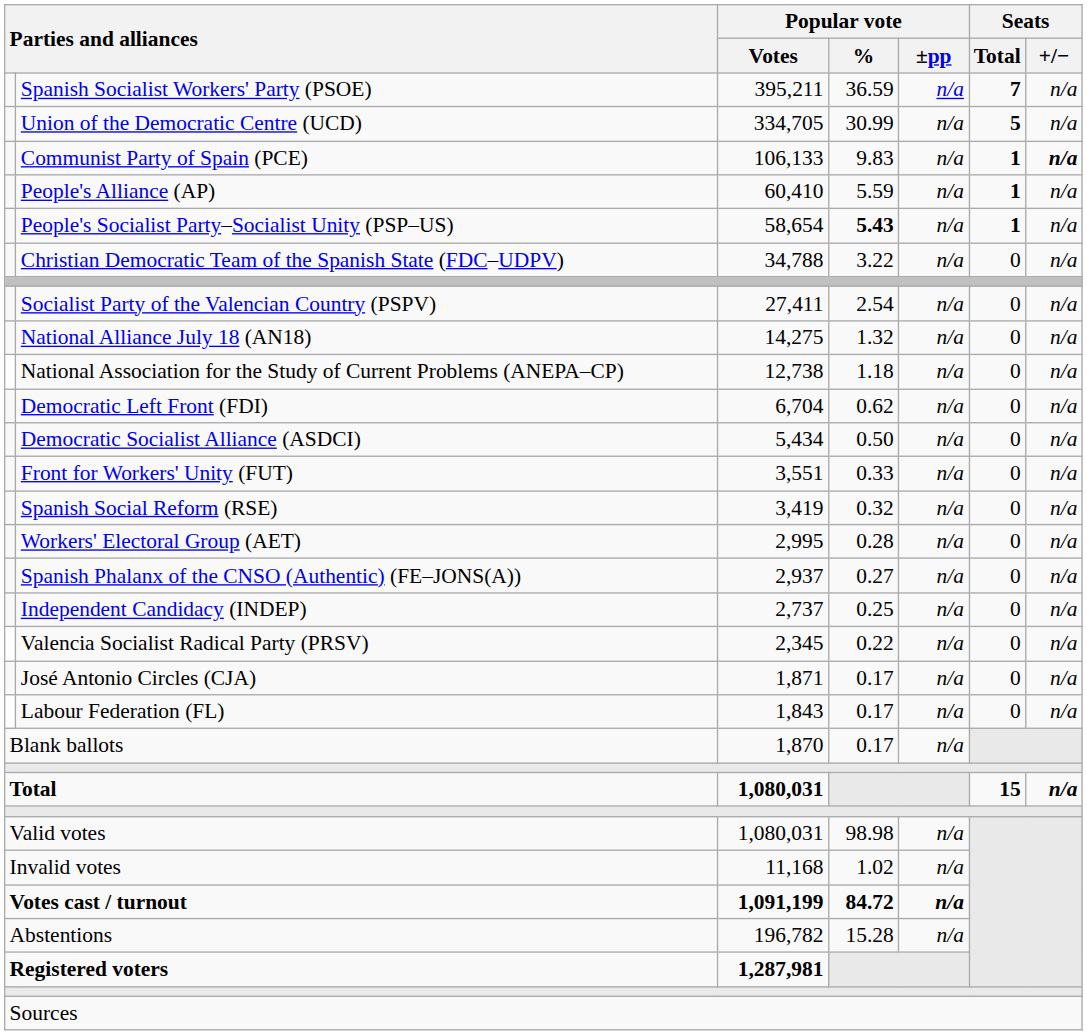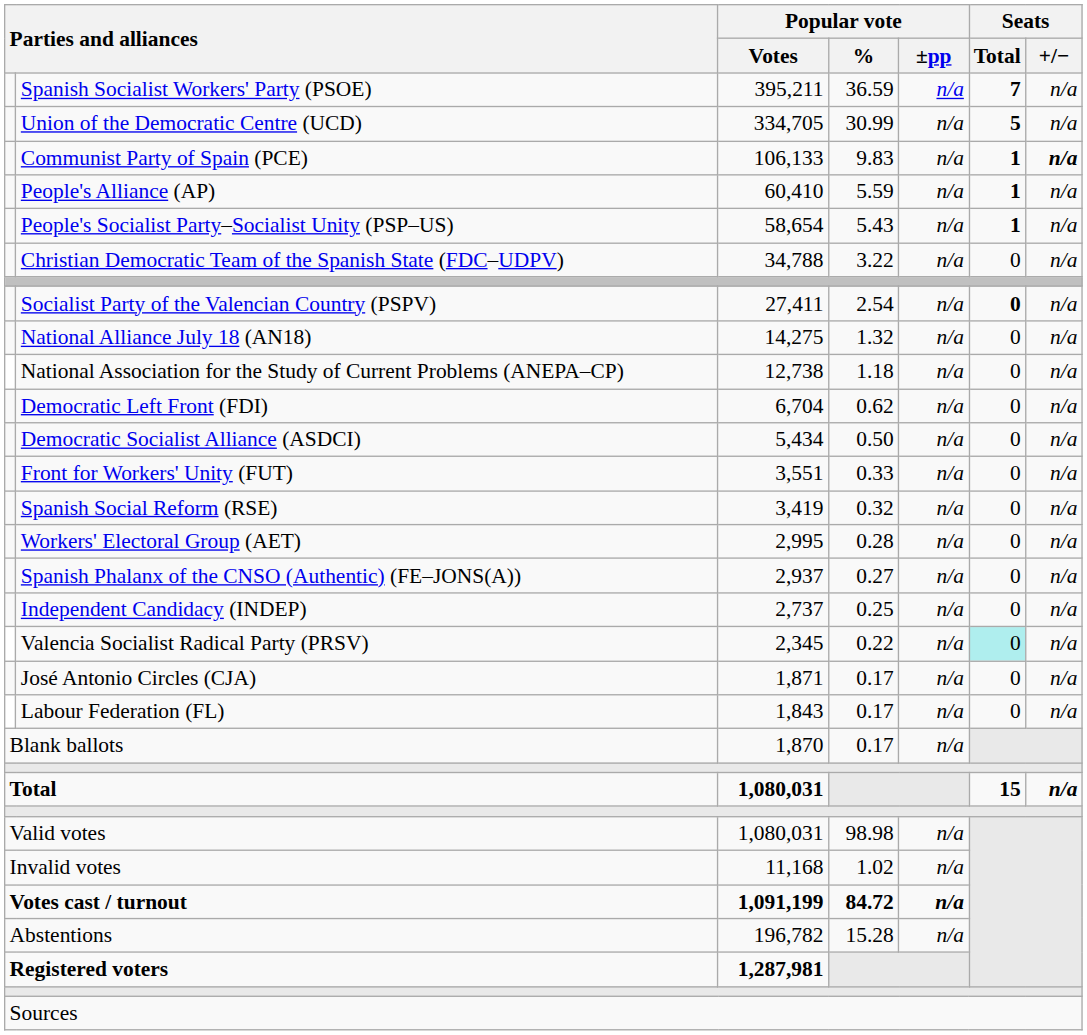 <table class="wikitable" style="text-align:right;">
 <tr>
 <th style="text-align:left;" rowspan="2" colspan="2" width="525">Parties and alliances</th>
 <th colspan="3">Popular vote</th>
 <th colspan="2">Seats</th>
 </tr>
 <tr>
 <th width="75">Votes</th>
 <th width="45">%</th>
 <th width="45">±<a href='#'>pp</a></th>
 <th width="35">Total</th>
 <th width="35">+/−</th>
 </tr>
 <tr>
 <td width="1" style="color:inherit;background:"></td>
 <td align="left"><a href='#'>Spanish Socialist Workers' Party</a> (PSOE)</td>
 <td>395,211</td>
 <td>36.59</td>
 <td><em><a href='#'>n/a</a></em></td>
 <td><strong>7</strong></td>
 <td><em>n/a</em></td>
 </tr>
 <tr>
 <td style="color:inherit;background:"></td>
 <td align="left"><a href='#'>Union of the Democratic Centre</a> (UCD)</td>
 <td>334,705</td>
 <td>30.99</td>
 <td><em>n/a</em></td>
 <td><strong>5</strong></td>
 <td><em>n/a</em></td>
 </tr>
 <tr>
 <td style="color:inherit;background:"></td>
 <td align="left"><a href='#'>Communist Party of Spain</a> (PCE)</td>
 <td>106,133</td>
 <td>9.83</td>
 <td><em>n/a</em></td>
 <td><strong>1</strong></td>
 <td><strong><em>n/a</em></strong></td>
 </tr>
 <tr>
 <td style="color:inherit;background:"></td>
 <td align="left"><a href='#'>People's Alliance</a> (AP)</td>
 <td>60,410</td>
 <td>5.59</td>
 <td><em>n/a</em></td>
 <td><strong>1</strong></td>
 <td><em>n/a</em></td>
 </tr>
 <tr>
 <td style="color:inherit;background:"></td>
 <td align="left"><a href='#'>People's Socialist Party</a>–<a href='#'>Socialist Unity</a> (PSP–US)</td>
 <td>58,654</td>
-<td><strong>5.43</strong></td>
+<td>5.43</td>
 <td><em>n/a</em></td>
 <td><strong>1</strong></td>
 <td><em>n/a</em></td>
 </tr>
 <tr>
 <td style="color:inherit;background:"></td>
 <td align="left"><a href='#'>Christian Democratic Team of the Spanish State</a> (<a href='#'>FDC</a>–<a href='#'>UDPV</a>)</td>
 <td>34,788</td>
 <td>3.22</td>
 <td><em>n/a</em></td>
 <td>0</td>
 <td><em>n/a</em></td>
 </tr>
 <tr>
 <td colspan="7" bgcolor="#C0C0C0"></td>
 </tr>
 <tr>
 <td style="color:inherit;background:"></td>
 <td align="left"><a href='#'>Socialist Party of the Valencian Country</a> (PSPV)</td>
 <td>27,411</td>
 <td>2.54</td>
 <td><em>n/a</em></td>
-<td>0</td>
+<td><strong>0</strong></td>
 <td><em>n/a</em></td>
 </tr>
 <tr>
 <td style="color:inherit;background:"></td>
 <td align="left"><a href='#'>National Alliance July 18</a> (AN18)</td>
 <td>14,275</td>
 <td>1.32</td>
 <td><em>n/a</em></td>
 <td>0</td>
 <td><em>n/a</em></td>
 </tr>
 <tr>
 <td bgcolor="white"></td>
 <td align="left">National Association for the Study of Current Problems (ANEPA–CP)</td>
 <td>12,738</td>
 <td>1.18</td>
 <td><em>n/a</em></td>
 <td>0</td>
 <td><em>n/a</em></td>
 </tr>
 <tr>
 <td style="color:inherit;background:"></td>
 <td align="left"><a href='#'>Democratic Left Front</a> (FDI)</td>
 <td>6,704</td>
 <td>0.62</td>
 <td><em>n/a</em></td>
 <td>0</td>
 <td><em>n/a</em></td>
 </tr>
 <tr>
 <td style="color:inherit;background:"></td>
 <td align="left"><a href='#'>Democratic Socialist Alliance</a> (ASDCI)</td>
 <td>5,434</td>
 <td>0.50</td>
 <td><em>n/a</em></td>
 <td>0</td>
 <td><em>n/a</em></td>
 </tr>
 <tr>
 <td style="color:inherit;background:"></td>
 <td align="left"><a href='#'>Front for Workers' Unity</a> (FUT)</td>
 <td>3,551</td>
 <td>0.33</td>
 <td><em>n/a</em></td>
 <td>0</td>
 <td><em>n/a</em></td>
 </tr>
 <tr>
 <td style="color:inherit;background:"></td>
 <td align="left"><a href='#'>Spanish Social Reform</a> (RSE)</td>
 <td>3,419</td>
 <td>0.32</td>
 <td><em>n/a</em></td>
 <td>0</td>
 <td><em>n/a</em></td>
 </tr>
 <tr>
 <td style="color:inherit;background:"></td>
 <td align="left"><a href='#'>Workers' Electoral Group</a> (AET)</td>
 <td>2,995</td>
 <td>0.28</td>
 <td><em>n/a</em></td>
 <td>0</td>
 <td><em>n/a</em></td>
 </tr>
 <tr>
 <td style="color:inherit;background:"></td>
 <td align="left"><a href='#'>Spanish Phalanx of the CNSO (Authentic)</a> (FE–JONS(A))</td>
 <td>2,937</td>
 <td>0.27</td>
 <td><em>n/a</em></td>
 <td>0</td>
 <td><em>n/a</em></td>
 </tr>
 <tr>
 <td style="color:inherit;background:"></td>
 <td align="left"><a href='#'>Independent Candidacy</a> (INDEP)</td>
 <td>2,737</td>
 <td>0.25</td>
 <td><em>n/a</em></td>
 <td>0</td>
 <td><em>n/a</em></td>
 </tr>
 <tr>
 <td bgcolor="white"></td>
 <td align="left">Valencia Socialist Radical Party (PRSV)</td>
 <td>2,345</td>
 <td>0.22</td>
 <td><em>n/a</em></td>
-<td>0</td>
+<td style="background: paleturquoise;">0</td>
 <td><em>n/a</em></td>
 </tr>
 <tr>
 <td style="color:inherit;background:"></td>
 <td align="left">José Antonio Circles (CJA)</td>
 <td>1,871</td>
 <td>0.17</td>
 <td><em>n/a</em></td>
 <td>0</td>
 <td><em>n/a</em></td>
 </tr>
 <tr>
 <td bgcolor="white"></td>
 <td align="left">Labour Federation (FL)</td>
 <td>1,843</td>
 <td>0.17</td>
 <td><em>n/a</em></td>
 <td>0</td>
 <td><em>n/a</em></td>
 </tr>
 <tr>
 <td align="left" colspan="2">Blank ballots</td>
 <td>1,870</td>
 <td>0.17</td>
 <td><em>n/a</em></td>
 <td bgcolor="#E9E9E9" colspan="2"></td>
 </tr>
 <tr>
 <td colspan="7" bgcolor="#E9E9E9"></td>
 </tr>
 <tr style="font-weight:bold;">
 <td align="left" colspan="2">Total</td>
 <td>1,080,031</td>
 <td bgcolor="#E9E9E9" colspan="2"></td>
 <td>15</td>
 <td><em>n/a</em></td>
 </tr>
 <tr>
 <td colspan="7" bgcolor="#E9E9E9"></td>
 </tr>
 <tr>
 <td align="left" colspan="2">Valid votes</td>
 <td>1,080,031</td>
 <td>98.98</td>
 <td><em>n/a</em></td>
 <td bgcolor="#E9E9E9" colspan="2" rowspan="5"></td>
 </tr>
 <tr>
 <td align="left" colspan="2">Invalid votes</td>
 <td>11,168</td>
 <td>1.02</td>
 <td><em>n/a</em></td>
 </tr>
 <tr style="font-weight:bold;">
 <td align="left" colspan="2">Votes cast / turnout</td>
 <td>1,091,199</td>
 <td>84.72</td>
 <td><em>n/a</em></td>
 </tr>
 <tr>
 <td align="left" colspan="2">Abstentions</td>
 <td>196,782</td>
 <td>15.28</td>
 <td><em>n/a</em></td>
 </tr>
 <tr style="font-weight:bold;">
 <td align="left" colspan="2">Registered voters</td>
 <td>1,287,981</td>
 <td bgcolor="#E9E9E9" colspan="2"></td>
 </tr>
 <tr>
 <td colspan="7" bgcolor="#E9E9E9"></td>
 </tr>
 <tr>
 <td align="left" colspan="7">Sources</td>
 </tr>
 </table>
